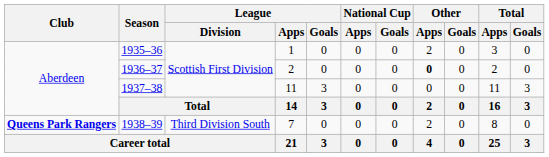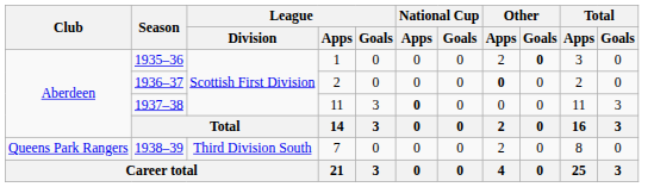 <table class="wikitable" style="text-align:center">
 <tr>
 <th rowspan="2">Club</th>
 <th rowspan="2">Season</th>
 <th colspan="3">League</th>
 <th colspan="2">National Cup</th>
 <th colspan="2">Other</th>
 <th colspan="2">Total</th>
 </tr>
 <tr>
 <th>Division</th>
 <th>Apps</th>
 <th>Goals</th>
 <th>Apps</th>
 <th>Goals</th>
 <th>Apps</th>
 <th>Goals</th>
 <th>Apps</th>
 <th>Goals</th>
 </tr>
 <tr>
 <td rowspan="4"><a href='#'>Aberdeen</a></td>
 <td><a href='#'>1935–36</a></td>
 <td rowspan="3"><a href='#'>Scottish First Division</a></td>
 <td>1</td>
 <td>0</td>
 <td>0</td>
 <td>0</td>
 <td>2</td>
-<td>0</td>
+<td><strong>0</strong></td>
 <td>3</td>
 <td>0</td>
 </tr>
 <tr>
 <td><a href='#'>1936–37</a></td>
 <td>2</td>
 <td>0</td>
 <td>0</td>
 <td>0</td>
 <td><strong>0</strong></td>
 <td>0</td>
 <td>2</td>
 <td>0</td>
 </tr>
 <tr>
 <td><a href='#'>1937–38</a></td>
 <td>11</td>
 <td>3</td>
-<td>0</td>
+<td><strong>0</strong></td>
 <td>0</td>
 <td>0</td>
 <td>0</td>
 <td>11</td>
 <td>3</td>
 </tr>
 <tr>
 <th colspan="2">Total</th>
 <th>14</th>
 <th>3</th>
 <th>0</th>
 <th>0</th>
 <th>2</th>
 <th>0</th>
 <th>16</th>
 <th>3</th>
 </tr>
 <tr>
-<td><strong><a href='#'>Queens Park Rangers</a></strong></td>
+<td><a href='#'>Queens Park Rangers</a></td>
 <td><a href='#'>1938–39</a></td>
 <td><a href='#'>Third Division South</a></td>
 <td>7</td>
 <td>0</td>
 <td>0</td>
 <td>0</td>
 <td>2</td>
 <td>0</td>
 <td>8</td>
 <td>0</td>
 </tr>
 <tr>
 <th colspan="3">Career total</th>
 <th>21</th>
 <th>3</th>
 <th>0</th>
 <th>0</th>
 <th>4</th>
 <th>0</th>
 <th>25</th>
 <th>3</th>
 </tr>
 </table>
